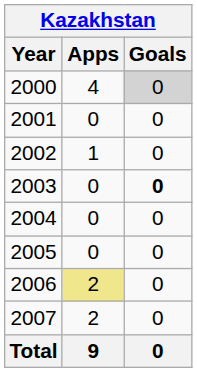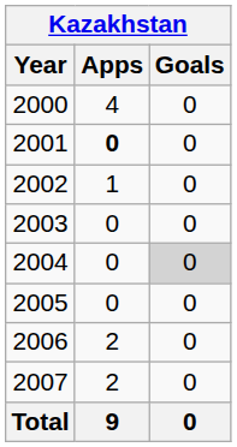 <table class="wikitable" style="text-align:center">
 <tr>
 <th colspan=3><a href='#'>Kazakhstan</a></th>
 </tr>
 <tr>
 <th>Year</th>
 <th>Apps</th>
 <th>Goals</th>
 </tr>
 <tr>
 <td>2000</td>
 <td>4</td>
-<td style="background: lightgrey;">0</td>
+<td>0</td>
 </tr>
 <tr>
 <td>2001</td>
-<td>0</td>
+<td><strong>0</strong></td>
 <td>0</td>
 </tr>
 <tr>
 <td>2002</td>
 <td>1</td>
 <td>0</td>
 </tr>
 <tr>
 <td>2003</td>
 <td>0</td>
-<td><strong>0</strong></td>
+<td>0</td>
 </tr>
 <tr>
 <td>2004</td>
 <td>0</td>
-<td>0</td>
+<td style="background: lightgrey;">0</td>
 </tr>
 <tr>
 <td>2005</td>
 <td>0</td>
 <td>0</td>
 </tr>
 <tr>
 <td>2006</td>
-<td style="background: khaki;">2</td>
+<td>2</td>
 <td>0</td>
 </tr>
 <tr>
 <td>2007</td>
 <td>2</td>
 <td>0</td>
 </tr>
 <tr>
 <th>Total</th>
 <th>9</th>
 <th>0</th>
 </tr>
 </table>
